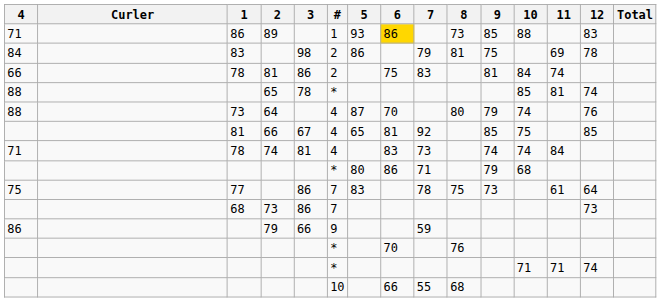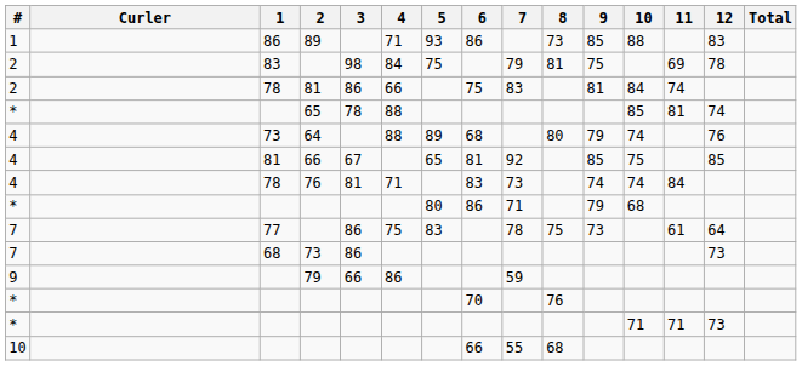 <table class="wikitable sortable">
 <tr>
-<th width=30>4</th>
+<th>#</th>
 <th width=200>Curler</th>
 <th width=30>1</th>
 <th width=30>2</th>
 <th width=30>3</th>
-<th>#</th>
+<th width=30>4</th>
 <th width=30>5</th>
 <th width=30>6</th>
 <th width=30>7</th>
 <th width=30>8</th>
 <th width=30>9</th>
 <th width=30>10</th>
 <th width=30>11</th>
 <th width=30>12</th>
 <th width=40>Total</th>
 </tr>
 <tr>
-<td>71</td>
+<td>1</td>
 <td></td>
 <td>86</td>
 <td>89</td>
 <td></td>
-<td>1</td>
+<td>71</td>
 <td>93</td>
-<td style="background: gold;">86</td>
+<td>86</td>
 <td></td>
 <td>73</td>
 <td>85</td>
 <td>88</td>
 <td></td>
 <td>83</td>
 <td></td>
 </tr>
 <tr>
-<td>84</td>
+<td>2</td>
 <td></td>
 <td>83</td>
 <td></td>
 <td>98</td>
-<td>2</td>
-<td>86</td>
+<td>84</td>
+<td>75</td>
 <td></td>
 <td>79</td>
 <td>81</td>
 <td>75</td>
 <td></td>
 <td>69</td>
 <td>78</td>
 <td></td>
 </tr>
 <tr>
-<td>66</td>
+<td>2</td>
 <td></td>
 <td>78</td>
 <td>81</td>
 <td>86</td>
-<td>2</td>
+<td>66</td>
 <td></td>
 <td>75</td>
 <td>83</td>
 <td></td>
 <td>81</td>
 <td>84</td>
 <td>74</td>
 <td></td>
 <td></td>
 </tr>
 <tr>
-<td>88</td>
+<td>*</td>
 <td></td>
 <td></td>
 <td>65</td>
 <td>78</td>
-<td>*</td>
+<td>88</td>
 <td></td>
 <td></td>
 <td></td>
 <td></td>
 <td></td>
 <td>85</td>
 <td>81</td>
 <td>74</td>
 <td></td>
 </tr>
 <tr>
-<td>88</td>
+<td>4</td>
 <td></td>
 <td>73</td>
 <td>64</td>
 <td></td>
-<td>4</td>
-<td>87</td>
-<td>70</td>
+<td>88</td>
+<td>89</td>
+<td>68</td>
 <td></td>
 <td>80</td>
 <td>79</td>
 <td>74</td>
 <td></td>
 <td>76</td>
 <td></td>
 </tr>
 <tr>
-<td></td>
+<td>4</td>
 <td></td>
 <td>81</td>
 <td>66</td>
 <td>67</td>
-<td>4</td>
+<td></td>
 <td>65</td>
 <td>81</td>
 <td>92</td>
 <td></td>
 <td>85</td>
 <td>75</td>
 <td></td>
 <td>85</td>
 <td></td>
 </tr>
 <tr>
-<td>71</td>
+<td>4</td>
 <td></td>
 <td>78</td>
-<td>74</td>
+<td>76</td>
 <td>81</td>
-<td>4</td>
+<td>71</td>
 <td></td>
 <td>83</td>
 <td>73</td>
 <td></td>
 <td>74</td>
 <td>74</td>
 <td>84</td>
 <td></td>
 <td></td>
 </tr>
 <tr>
+<td>*</td>
 <td></td>
 <td></td>
 <td></td>
 <td></td>
 <td></td>
-<td>*</td>
 <td>80</td>
 <td>86</td>
 <td>71</td>
 <td></td>
 <td>79</td>
 <td>68</td>
 <td></td>
 <td></td>
 <td></td>
 </tr>
 <tr>
-<td>75</td>
+<td>7</td>
 <td></td>
 <td>77</td>
 <td></td>
 <td>86</td>
-<td>7</td>
+<td>75</td>
 <td>83</td>
 <td></td>
 <td>78</td>
 <td>75</td>
 <td>73</td>
 <td></td>
 <td>61</td>
 <td>64</td>
 <td></td>
 </tr>
 <tr>
-<td></td>
+<td>7</td>
 <td></td>
 <td>68</td>
 <td>73</td>
 <td>86</td>
-<td>7</td>
+<td></td>
 <td></td>
 <td></td>
 <td></td>
 <td></td>
 <td></td>
 <td></td>
 <td></td>
 <td>73</td>
 <td></td>
 </tr>
 <tr>
-<td>86</td>
+<td>9</td>
 <td></td>
 <td></td>
 <td>79</td>
 <td>66</td>
-<td>9</td>
+<td>86</td>
 <td></td>
 <td></td>
 <td>59</td>
 <td></td>
 <td></td>
 <td></td>
 <td></td>
 <td></td>
 <td></td>
 </tr>
 <tr>
+<td>*</td>
 <td></td>
 <td></td>
 <td></td>
 <td></td>
 <td></td>
-<td>*</td>
 <td></td>
 <td>70</td>
 <td></td>
 <td>76</td>
 <td></td>
 <td></td>
 <td></td>
 <td></td>
 <td></td>
 </tr>
 <tr>
+<td>*</td>
 <td></td>
 <td></td>
 <td></td>
 <td></td>
 <td></td>
-<td>*</td>
 <td></td>
 <td></td>
 <td></td>
 <td></td>
 <td></td>
 <td>71</td>
 <td>71</td>
-<td>74</td>
+<td>73</td>
 <td></td>
 </tr>
 <tr>
+<td>10</td>
 <td></td>
 <td></td>
 <td></td>
 <td></td>
 <td></td>
-<td>10</td>
 <td></td>
 <td>66</td>
 <td>55</td>
 <td>68</td>
 <td></td>
 <td></td>
 <td></td>
 <td></td>
 <td></td>
 </tr>
 </table>
